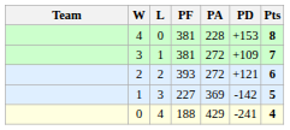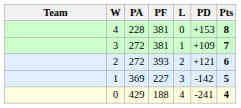 <table class="wikitable" style="text-align:center;">
 <tr>
 <th width=150>Team</th>
 <th width=20>W</th>
+<th width=30>PA</th>
+<th width=30>PF</th>
 <th width=20>L</th>
-<th width=30>PF</th>
-<th width=30>PA</th>
 <th width=30>PD</th>
 <th width=20>Pts</th>
 </tr>
 <tr bgcolor=#ccffcc>
 <td align="left"></td>
 <td>4</td>
+<td>228</td>
+<td>381</td>
 <td>0</td>
-<td>381</td>
-<td>228</td>
 <td>+153</td>
 <td><strong>8</strong></td>
 </tr>
 <tr bgcolor=#ccffcc>
 <td align="left"></td>
 <td>3</td>
+<td>272</td>
+<td>381</td>
 <td>1</td>
-<td>381</td>
-<td>272</td>
 <td>+109</td>
 <td><strong>7</strong></td>
 </tr>
 <tr bgcolor=#dfefff>
 <td align="left"></td>
 <td>2</td>
+<td>272</td>
+<td>393</td>
 <td>2</td>
-<td>393</td>
-<td>272</td>
 <td>+121</td>
 <td><strong>6</strong></td>
 </tr>
 <tr bgcolor=#dfefff>
 <td align="left"></td>
 <td>1</td>
+<td>369</td>
+<td>227</td>
 <td>3</td>
-<td>227</td>
-<td>369</td>
 <td>-142</td>
 <td><strong>5</strong></td>
 </tr>
 <tr bgcolor=#ffffe0>
 <td align="left"></td>
 <td>0</td>
+<td>429</td>
+<td>188</td>
 <td>4</td>
-<td>188</td>
-<td>429</td>
 <td>-241</td>
 <td><strong>4</strong></td>
 </tr>
 </table>
